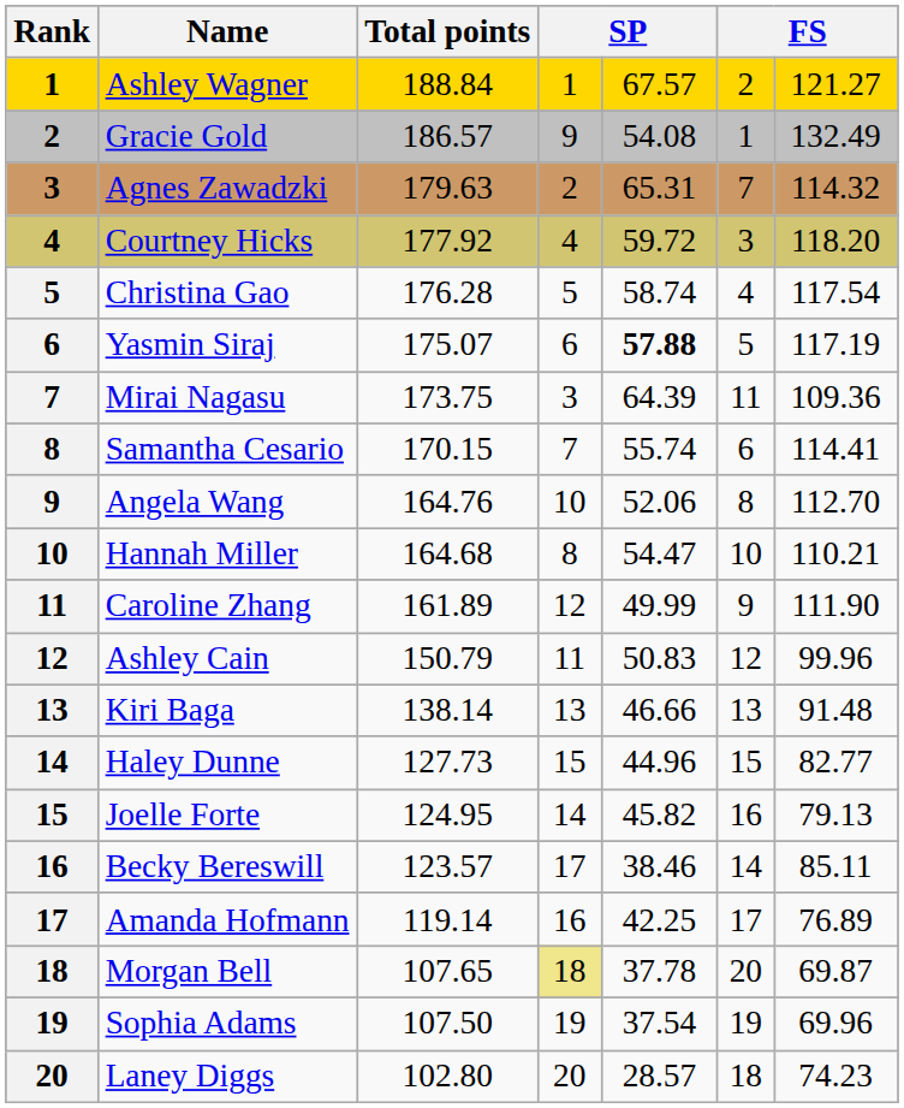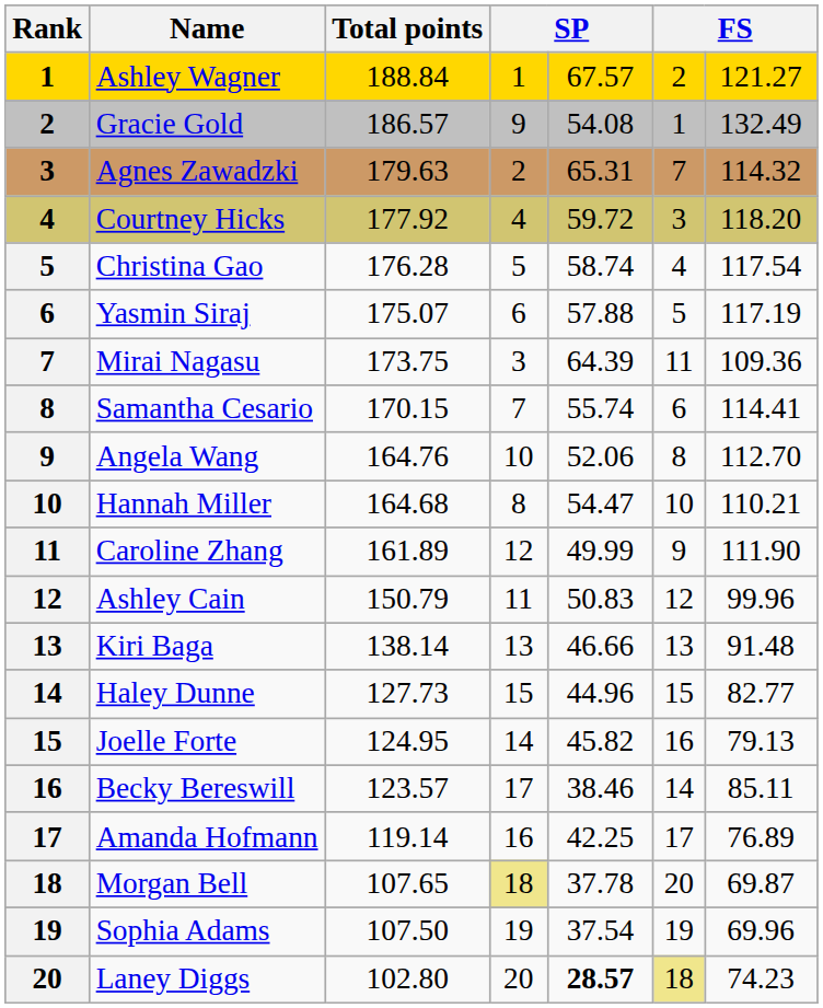 <table class="wikitable sortable">
 <tr>
 <th>Rank</th>
 <th>Name</th>
 <th>Total points</th>
 <th colspan="2" width="80px"><a href='#'>SP</a></th>
 <th colspan="2" width="80px"><a href='#'>FS</a></th>
 </tr>
 <tr bgcolor="gold">
 <td align="center"><strong>1</strong></td>
 <td><a href='#'>Ashley Wagner</a></td>
 <td align="center">188.84</td>
 <td align="center">1</td>
 <td align="center">67.57</td>
 <td align="center">2</td>
 <td align="center">121.27</td>
 </tr>
 <tr bgcolor="silver">
 <td align="center"><strong>2</strong></td>
 <td><a href='#'>Gracie Gold</a></td>
 <td align="center">186.57</td>
 <td align="center">9</td>
 <td align="center">54.08</td>
 <td align="center">1</td>
 <td align="center">132.49</td>
 </tr>
 <tr bgcolor="cc9966">
 <td align="center"><strong>3</strong></td>
 <td><a href='#'>Agnes Zawadzki</a></td>
 <td align="center">179.63</td>
 <td align="center">2</td>
 <td align="center">65.31</td>
 <td align="center">7</td>
 <td align="center">114.32</td>
 </tr>
 <tr bgcolor="#d1c571">
 <td align="center"><strong>4</strong></td>
 <td><a href='#'>Courtney Hicks</a></td>
 <td align="center">177.92</td>
 <td align="center">4</td>
 <td align="center">59.72</td>
 <td align="center">3</td>
 <td align="center">118.20</td>
 </tr>
 <tr>
 <th>5</th>
 <td><a href='#'>Christina Gao</a></td>
 <td align="center">176.28</td>
 <td align="center">5</td>
 <td align="center">58.74</td>
 <td align="center">4</td>
 <td align="center">117.54</td>
 </tr>
 <tr>
 <th>6</th>
 <td><a href='#'>Yasmin Siraj</a></td>
 <td align="center">175.07</td>
 <td align="center">6</td>
-<td align="center"><strong>57.88</strong></td>
+<td align="center">57.88</td>
 <td align="center">5</td>
 <td align="center">117.19</td>
 </tr>
 <tr>
 <th>7</th>
 <td><a href='#'>Mirai Nagasu</a></td>
 <td align="center">173.75</td>
 <td align="center">3</td>
 <td align="center">64.39</td>
 <td align="center">11</td>
 <td align="center">109.36</td>
 </tr>
 <tr>
 <th>8</th>
 <td><a href='#'>Samantha Cesario</a></td>
 <td align="center">170.15</td>
 <td align="center">7</td>
 <td align="center">55.74</td>
 <td align="center">6</td>
 <td align="center">114.41</td>
 </tr>
 <tr>
 <th>9</th>
 <td><a href='#'>Angela Wang</a></td>
 <td align="center">164.76</td>
 <td align="center">10</td>
 <td align="center">52.06</td>
 <td align="center">8</td>
 <td align="center">112.70</td>
 </tr>
 <tr>
 <th>10</th>
 <td><a href='#'>Hannah Miller</a></td>
 <td align="center">164.68</td>
 <td align="center">8</td>
 <td align="center">54.47</td>
 <td align="center">10</td>
 <td align="center">110.21</td>
 </tr>
 <tr>
 <th>11</th>
 <td><a href='#'>Caroline Zhang</a></td>
 <td align="center">161.89</td>
 <td align="center">12</td>
 <td align="center">49.99</td>
 <td align="center">9</td>
 <td align="center">111.90</td>
 </tr>
 <tr>
 <th>12</th>
 <td><a href='#'> Ashley Cain</a></td>
 <td align="center">150.79</td>
 <td align="center">11</td>
 <td align="center">50.83</td>
 <td align="center">12</td>
 <td align="center">99.96</td>
 </tr>
 <tr>
 <th>13</th>
 <td><a href='#'>Kiri Baga</a></td>
 <td align="center">138.14</td>
 <td align="center">13</td>
 <td align="center">46.66</td>
 <td align="center">13</td>
 <td align="center">91.48</td>
 </tr>
 <tr>
 <th>14</th>
 <td><a href='#'>Haley Dunne</a></td>
 <td align="center">127.73</td>
 <td align="center">15</td>
 <td align="center">44.96</td>
 <td align="center">15</td>
 <td align="center">82.77</td>
 </tr>
 <tr>
 <th>15</th>
 <td><a href='#'>Joelle Forte</a></td>
 <td align="center">124.95</td>
 <td align="center">14</td>
 <td align="center">45.82</td>
 <td align="center">16</td>
 <td align="center">79.13</td>
 </tr>
 <tr>
 <th>16</th>
 <td><a href='#'>Becky Bereswill</a></td>
 <td align="center">123.57</td>
 <td align="center">17</td>
 <td align="center">38.46</td>
 <td align="center">14</td>
 <td align="center">85.11</td>
 </tr>
 <tr>
 <th>17</th>
 <td><a href='#'>Amanda Hofmann</a></td>
 <td align="center">119.14</td>
 <td align="center">16</td>
 <td align="center">42.25</td>
 <td align="center">17</td>
 <td align="center">76.89</td>
 </tr>
 <tr>
 <th>18</th>
 <td><a href='#'>Morgan Bell</a></td>
 <td align="center">107.65</td>
 <td align="center" style="background: khaki;">18</td>
 <td align="center">37.78</td>
 <td align="center">20</td>
 <td align="center">69.87</td>
 </tr>
 <tr>
 <th>19</th>
 <td><a href='#'>Sophia Adams</a></td>
 <td align="center">107.50</td>
 <td align="center">19</td>
 <td align="center">37.54</td>
 <td align="center">19</td>
 <td align="center">69.96</td>
 </tr>
 <tr>
 <th>20</th>
 <td><a href='#'>Laney Diggs</a></td>
 <td align="center">102.80</td>
 <td align="center">20</td>
-<td align="center">28.57</td>
-<td align="center">18</td>
+<td align="center"><strong>28.57</strong></td>
+<td align="center" style="background: khaki;">18</td>
 <td align="center">74.23</td>
 </tr>
 </table>
